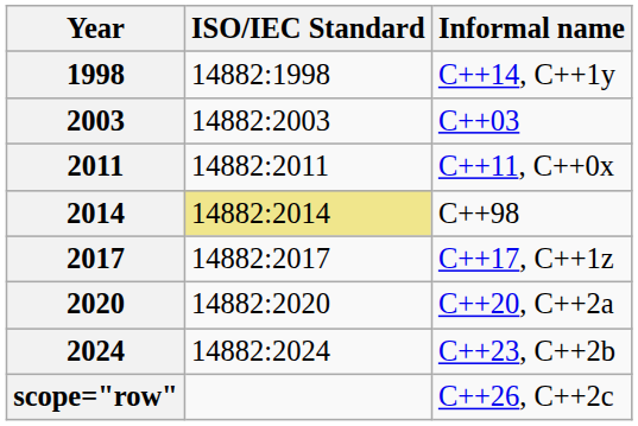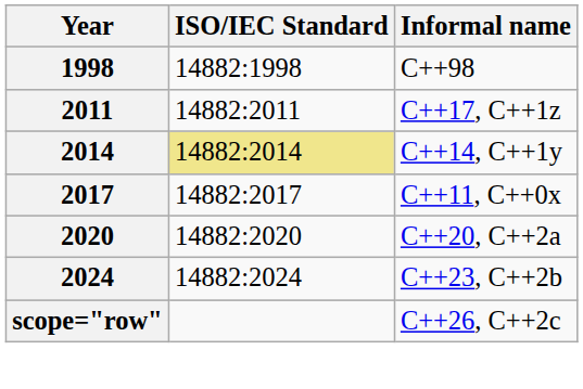 <table class="wikitable floatright" style="margin-left: 1.5em;">
 <tr>
 <th scope="col">Year</th>
 <th scope="col">ISO/IEC Standard</th>
 <th scope="col">Informal name</th>
 </tr>
 <tr>
 <th scope="row">1998</th>
 <td>14882:1998</td>
-<td><a href='#'>C++14</a>, C++1y</td>
-</tr>
-<tr>
-<th scope="row">2003</th>
-<td>14882:2003</td>
-<td><a href='#'>C++03</a></td>
+<td>C++98</td>
 </tr>
 <tr>
 <th scope="row">2011</th>
 <td>14882:2011</td>
-<td><a href='#'>C++11</a>, C++0x</td>
+<td><a href='#'>C++17</a>, C++1z</td>
 </tr>
 <tr>
 <th scope="row">2014</th>
 <td style="background: khaki;">14882:2014</td>
-<td>C++98</td>
+<td><a href='#'>C++14</a>, C++1y</td>
 </tr>
 <tr>
 <th scope="row">2017</th>
 <td>14882:2017</td>
-<td><a href='#'>C++17</a>, C++1z</td>
+<td><a href='#'>C++11</a>, C++0x</td>
 </tr>
 <tr>
 <th scope="row">2020</th>
 <td>14882:2020</td>
 <td><a href='#'>C++20</a>, C++2a</td>
 </tr>
 <tr>
 <th scope="row">2024</th>
 <td>14882:2024</td>
 <td><a href='#'>C++23</a>, C++2b</td>
 </tr>
 <tr>
 <th>scope="row" </th>
 <td></td>
 <td><a href='#'>C++26</a>, C++2c</td>
 </tr>
 </table>
